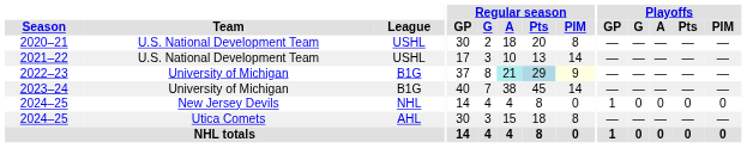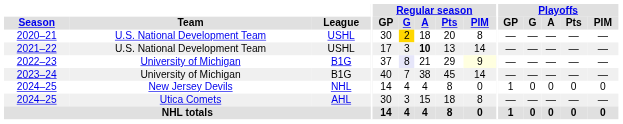 <table border="0" cellpadding="1" cellspacing="0" style="text-align:center; width:60em;">
 <tr bgcolor="#e0e0e0">
 <th colspan="3" bgcolor="#ffffff"></th>
 <th rowspan="100" bgcolor="#ffffff"></th>
 <th colspan="5"><a href='#'>Regular season</a></th>
 <th rowspan="100" bgcolor="#ffffff"></th>
 <th colspan="5"><a href='#'>Playoffs</a></th>
 </tr>
 <tr bgcolor="#e0e0e0">
 <th><a href='#'>Season</a></th>
 <th>Team</th>
 <th>League</th>
 <th>GP</th>
 <th><a href='#'>G</a></th>
 <th><a href='#'>A</a></th>
 <th><a href='#'>Pts</a></th>
 <th><a href='#'>PIM</a></th>
 <th>GP</th>
 <th>G</th>
 <th>A</th>
 <th>Pts</th>
 <th>PIM</th>
 </tr>
 <tr>
 <td><a href='#'>2020–21</a></td>
 <td><a href='#'>U.S. National Development Team</a></td>
 <td><a href='#'>USHL</a></td>
 <td>30</td>
-<td>2</td>
+<td style="background: gold;">2</td>
 <td>18</td>
 <td>20</td>
 <td>8</td>
 <td>—</td>
 <td>—</td>
 <td>—</td>
 <td>—</td>
 <td>—</td>
 </tr>
 <tr bgcolor="#f0f0f0">
 <td><a href='#'>2021–22</a></td>
 <td>U.S. National Development Team</td>
 <td>USHL</td>
 <td>17</td>
 <td>3</td>
-<td>10</td>
+<td><strong>10</strong></td>
 <td>13</td>
 <td>14</td>
 <td>—</td>
 <td>—</td>
 <td>—</td>
 <td>—</td>
 <td>—</td>
 </tr>
 <tr>
 <td><a href='#'>2022–23</a></td>
 <td><a href='#'>University of Michigan</a></td>
 <td><a href='#'>B1G</a></td>
 <td>37</td>
-<td>8</td>
-<td style="background: paleturquoise;">21</td>
-<td style="background: lightblue;">29</td>
+<td style="background: lavender;">8</td>
+<td>21</td>
+<td>29</td>
 <td style="background: lightyellow;">9</td>
 <td>—</td>
 <td>—</td>
 <td>—</td>
 <td>—</td>
 <td>—</td>
 </tr>
 <tr bgcolor="#f0f0f0">
 <td><a href='#'>2023–24</a></td>
 <td>University of Michigan</td>
 <td>B1G</td>
 <td>40</td>
 <td>7</td>
 <td>38</td>
 <td>45</td>
 <td>14</td>
 <td>—</td>
 <td>—</td>
 <td>—</td>
 <td>—</td>
 <td>—</td>
 </tr>
 <tr>
 <td><a href='#'>2024–25</a></td>
 <td><a href='#'>New Jersey Devils</a></td>
 <td><a href='#'>NHL</a></td>
 <td>14</td>
 <td>4</td>
 <td>4</td>
 <td>8</td>
 <td>0</td>
 <td>1</td>
 <td>0</td>
 <td>0</td>
 <td>0</td>
 <td>0</td>
 </tr>
 <tr bgcolor="#f0f0f0">
 <td><a href='#'>2024–25</a></td>
 <td><a href='#'>Utica Comets</a></td>
 <td><a href='#'>AHL</a></td>
 <td>30</td>
 <td>3</td>
 <td>15</td>
 <td>18</td>
 <td>8</td>
 <td>—</td>
 <td>—</td>
 <td>—</td>
 <td>—</td>
 <td>—</td>
 </tr>
 <tr bgcolor="#e0e0e0">
 <th colspan="3">NHL totals</th>
 <th>14</th>
 <th>4</th>
 <th>4</th>
 <th>8</th>
 <th>0</th>
 <th>1</th>
 <th>0</th>
 <th>0</th>
 <th>0</th>
 <th>0</th>
 </tr>
 </table>
